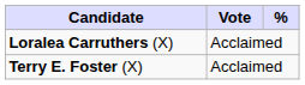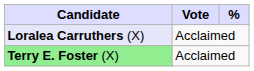 <table class="wikitable">
 <tr>
 <th style="background:#ddf; width:200px;">Candidate</th>
 <th style="background:#ddf; width:50px;">Vote</th>
 <th style="background:#ddf; width:30px;">%</th>
 </tr>
 <tr>
-<td><strong>Loralea Carruthers</strong> (X)</td>
+<td style="background: lavender;"><strong>Loralea Carruthers</strong> (X)</td>
 <td colspan="2">Acclaimed</td>
 </tr>
 <tr>
-<td><strong>Terry E. Foster</strong> (X)</td>
+<td style="background: lightgreen;"><strong>Terry E. Foster</strong> (X)</td>
 <td colspan="2">Acclaimed</td>
 </tr>
 </table>
